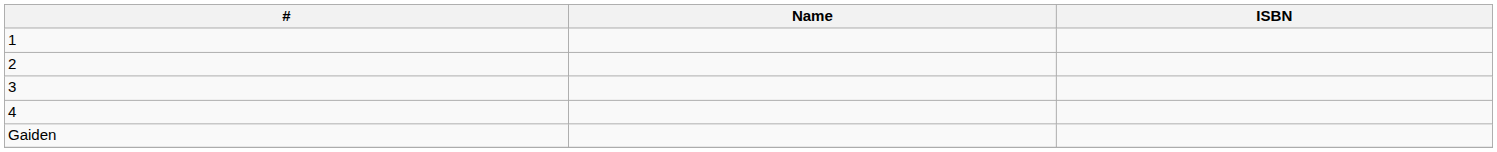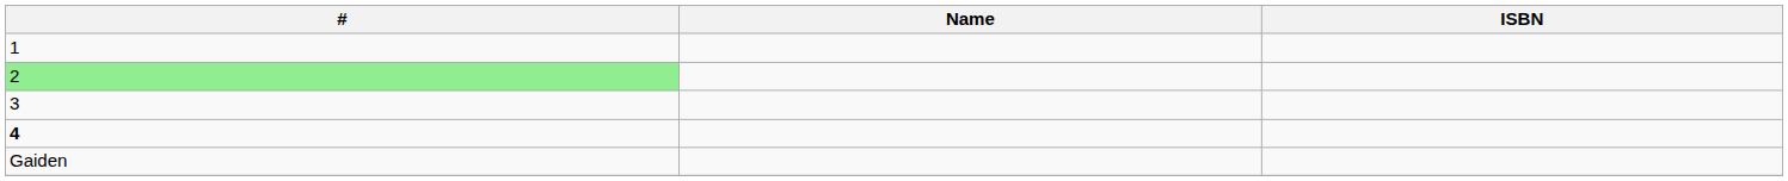 <table class="wikitable" width="100%">
 <tr>
 <th>#</th>
 <th>Name</th>
 <th>ISBN</th>
 </tr>
 <tr>
 <td>1</td>
 <td></td>
 <td><small></small></td>
 </tr>
 <tr>
-<td>2</td>
+<td style="background: lightgreen;">2</td>
 <td></td>
 <td><small></small></td>
 </tr>
 <tr>
 <td>3</td>
 <td></td>
 <td><small></small></td>
 </tr>
 <tr>
-<td>4</td>
+<td><strong>4</strong></td>
 <td></td>
 <td><small></small></td>
 </tr>
 <tr>
 <td>Gaiden</td>
 <td></td>
 <td><small> </small></td>
 </tr>
 <tr>
 </tr>
 </table>
